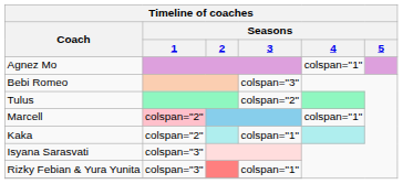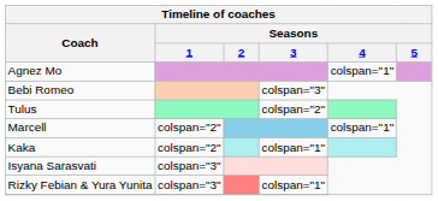 <table class="wikitable">
 <tr>
 <th colspan="6">Timeline of coaches</th>
 </tr>
 <tr>
 <th rowspan="2">Coach</th>
 <th colspan="5">Seasons</th>
 </tr>
 <tr>
 <th width="40"><a href='#'>1</a></th>
 <th width="40"><a href='#'>2</a></th>
 <th width="40"><a href='#'>3</a></th>
 <th width="40"><a href='#'>4</a></th>
 <th width="40"><a href='#'>5</a></th>
 </tr>
 <tr>
 <td>Agnez Mo</td>
 <td colspan="3" style="background:#dda0dd"></td>
 <td>colspan="1" </td>
 <td colspan="1" style="background:#dda0dd"></td>
 </tr>
 <tr>
 <td>Bebi Romeo</td>
 <td colspan="2" style="background:#fbceb1"></td>
 <td>colspan="3" </td>
 </tr>
 <tr>
 <td>Tulus</td>
 <td colspan="2" style="background:#8ff7c0"></td>
 <td>colspan="2" </td>
 <td colspan="1" style="background:#8ff7c0"></td>
 </tr>
 <tr>
 <td>Marcell</td>
-<td style="background: pink;">colspan="2" </td>
+<td>colspan="2" </td>
 <td colspan="2" style="background:#87ceeb"></td>
 <td>colspan="1" </td>
 </tr>
 <tr>
 <td>Kaka</td>
 <td>colspan="2" </td>
 <td colspan="1" style="background:#afeeee"></td>
 <td>colspan="1" </td>
 <td colspan="1" style="background:#afeeee"></td>
 </tr>
 <tr>
 <td>Isyana Sarasvati</td>
 <td>colspan="3" </td>
 <td colspan="2" style="background:#ffdddd"></td>
 </tr>
 <tr>
 <td>Rizky Febian & Yura Yunita</td>
 <td>colspan="3" </td>
 <td style="background:#ff7f7f"></td>
 <td>colspan="1" </td>
 </tr>
 <tr>
 </tr>
 </table>
